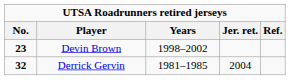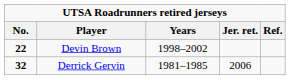 <table class="wikitable sortable" style="text-align:center">
 <tr>
 <td colspan="5"><strong>UTSA Roadrunners retired jerseys</strong></td>
 </tr>
 <tr>
 <th width=40px>No.</th>
 <th width=150px>Player</th>
 <th width=100px>Years</th>
 <th width=px>Jer. ret.</th>
 <th width=px>Ref.</th>
 </tr>
 <tr>
-<td><strong>23</strong></td>
+<td><strong>22</strong></td>
 <td><a href='#'>Devin Brown</a></td>
 <td>1998–2002</td>
 <td></td>
 <td></td>
 </tr>
 <tr>
 <td><strong>32</strong></td>
 <td><a href='#'>Derrick Gervin</a></td>
 <td>1981–1985</td>
-<td>2004</td>
+<td>2006</td>
 <td></td>
 </tr>
 </table>
